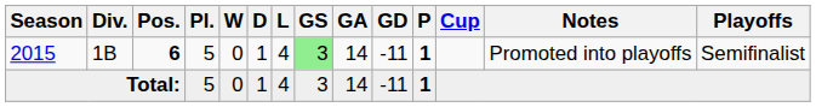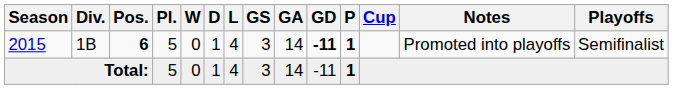 <table class="wikitable">
 <tr style="background:#efefef;">
 <th>Season</th>
 <th>Div.</th>
 <th>Pos.</th>
 <th>Pl.</th>
 <th>W</th>
 <th>D</th>
 <th>L</th>
 <th>GS</th>
 <th>GA</th>
 <th>GD</th>
 <th>P</th>
 <th><a href='#'>Cup</a></th>
 <th>Notes</th>
 <th>Playoffs</th>
 </tr>
 <tr>
 <td><a href='#'>2015</a></td>
 <td>1B</td>
 <td align=right><strong>6</strong></td>
 <td align=right>5</td>
 <td align=right>0</td>
 <td align=right>1</td>
 <td align=right>4</td>
-<td align=right style="background: lightgreen;">3</td>
+<td align=right>3</td>
 <td align=right>14</td>
-<td align=right>-11</td>
+<td align=right><strong>-11</strong></td>
 <td align=right><strong>1</strong></td>
 <td></td>
 <td>Promoted into playoffs</td>
 <td>Semifinalist</td>
 </tr>
 <tr style="background:#efefef">
 <td align=right colspan=3><strong>Total:</strong></td>
 <td align=right>5</td>
 <td align=right>0</td>
 <td align=right>1</td>
 <td align=right>4</td>
 <td align=right>3</td>
 <td align=right>14</td>
 <td align=right>-11</td>
 <td align=right><strong>1</strong></td>
 <td colspan=3 bgcolor=#efefef></td>
 </tr>
 </table>
